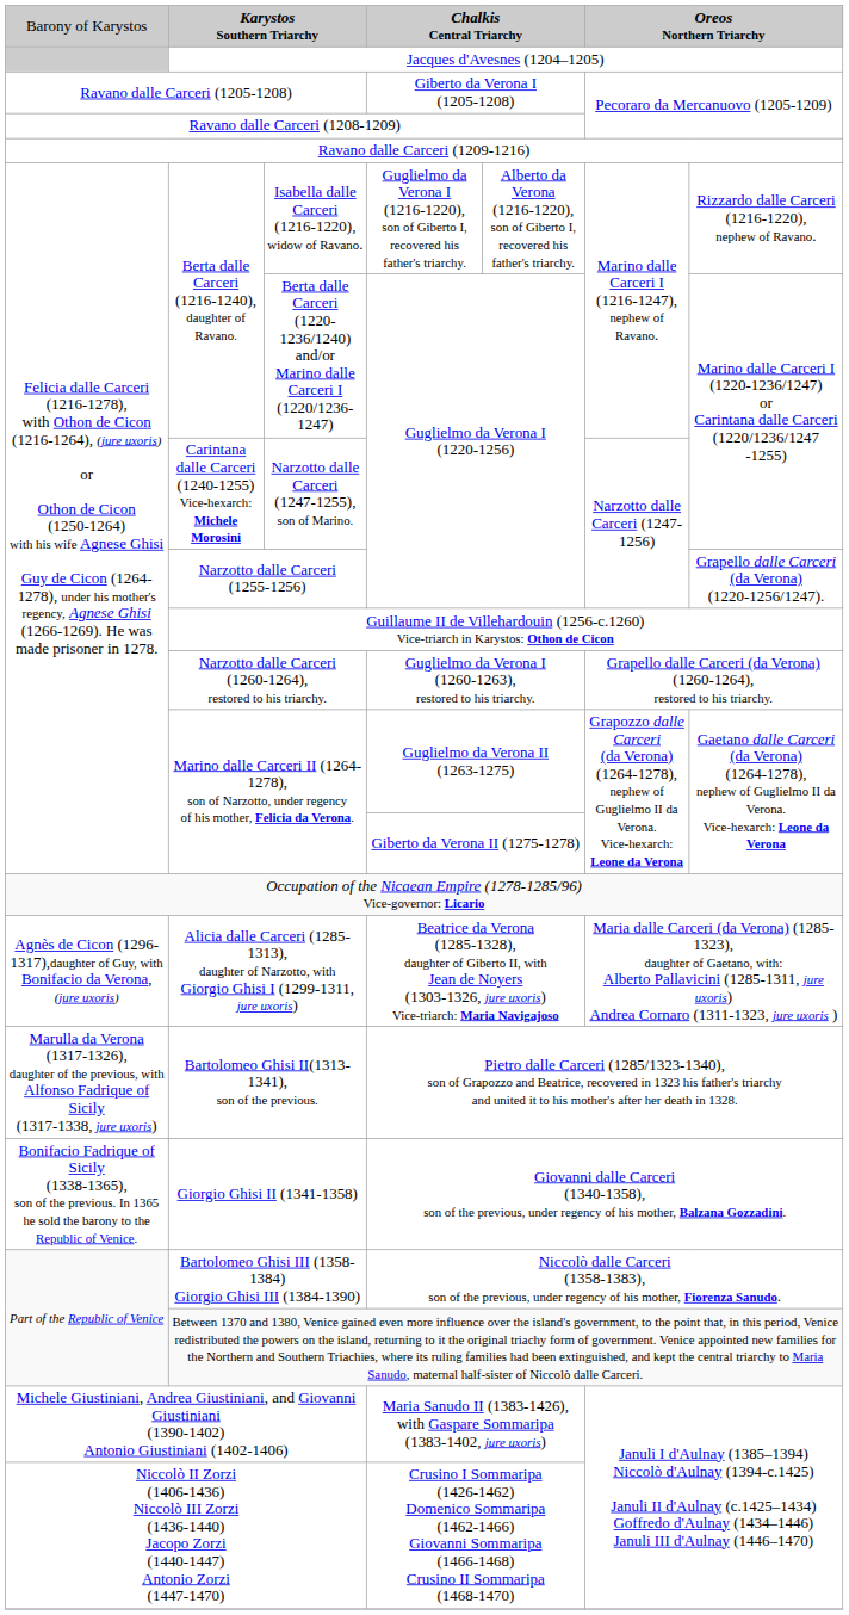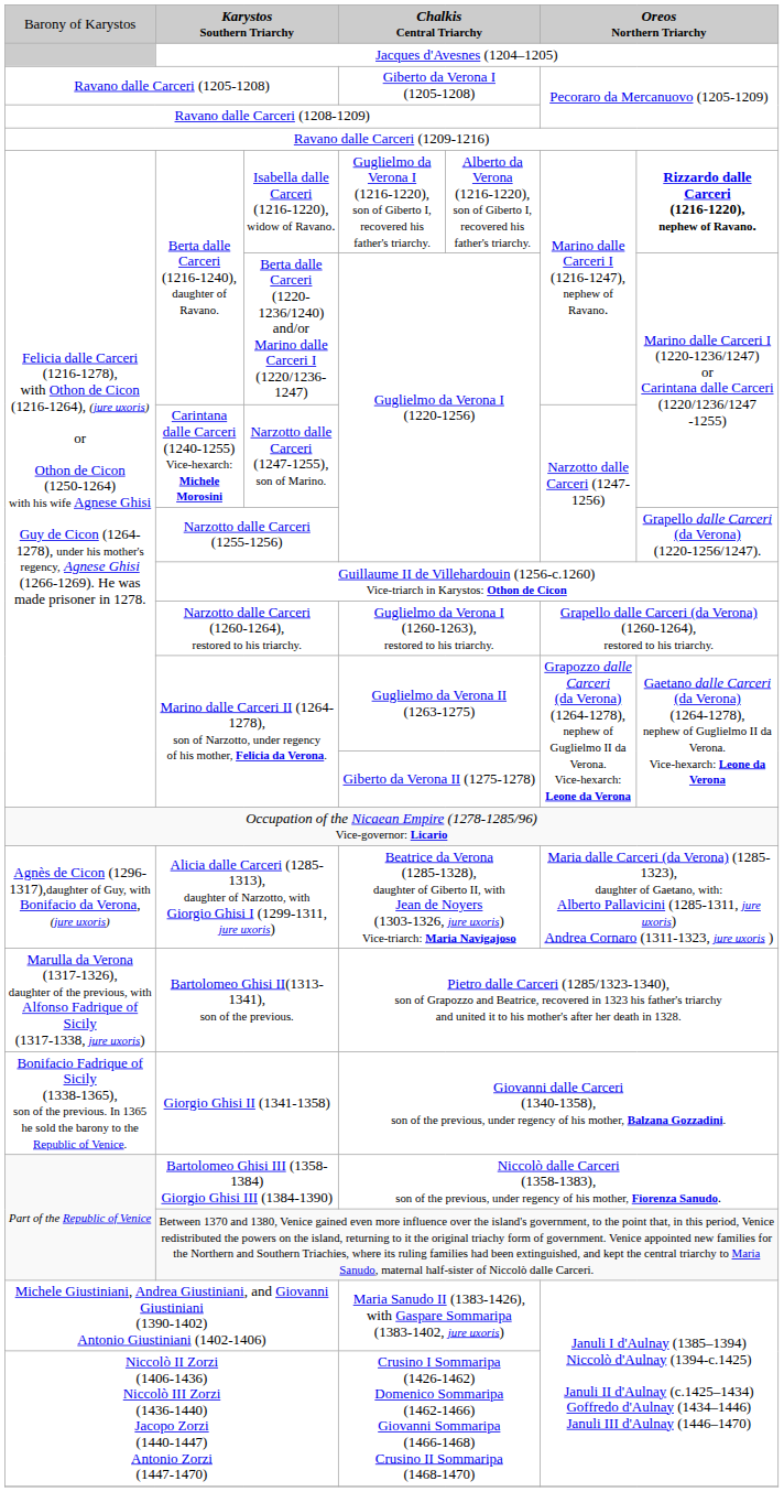 <table class="wikitable">
 <tr bgcolor="#cccccc">
 <td colspan="1" align="center">Barony of Karystos</td>
 <td colspan="2" align="center"><strong> <em>Karystos</em> </strong><br><small><strong>Southern Triarchy</strong></small></td>
 <td colspan="2" align="center"><strong> <em>Chalkis</em> </strong><br><small><strong>Central Triarchy</strong></small></td>
 <td colspan="2" align="center"><strong> <em>Oreos</em> </strong><br><small><strong>Northern Triarchy</strong></small></td>
 </tr>
 <tr bgcolor="#fff">
 <td colspan="1" bgcolor="#cccccc"></td>
 <td colspan="6" align="center"><a href='#'>Jacques d'Avesnes</a> (1204–1205)</td>
 </tr>
 <tr bgcolor="#fff">
 <td colspan="3" align="center"><a href='#'>Ravano dalle Carceri</a> (1205-1208)</td>
 <td colspan="2" align="center"><a href='#'>Giberto da Verona I</a><br>(1205-1208)</td>
 <td colspan="2" rowspan="2" align="center"><a href='#'>Pecoraro da Mercanuovo</a> (1205-1209)</td>
 </tr>
 <tr bgcolor="#fff">
 <td colspan="5" align="center"><a href='#'>Ravano dalle Carceri</a> (1208-1209)</td>
 </tr>
 <tr bgcolor="#fff">
 <td colspan="8" align="center"><a href='#'>Ravano dalle Carceri</a> (1209-1216)</td>
 </tr>
 <tr bgcolor="#fff">
 <td colspan="1" rowspan="8" align="center"><a href='#'>Felicia dalle Carceri</a><br>(1216-1278),<br>with <a href='#'>Othon de Cicon</a><br>(1216-1264), <small><em>(<a href='#'>jure uxoris</a>)</em></small><br><br>or<br><br><a href='#'>Othon de Cicon</a><br>(1250-1264)<br><small>with his wife</small> <a href='#'>Agnese Ghisi</a><br><br><a href='#'>Guy de Cicon</a> (1264-1278), <small>under his mother's regency,</small> <em><a href='#'>Agnese Ghisi</a></em> (1266-1269). He was made prisoner in 1278.</td>
 <td colspan="1" rowspan="2" align="center"><a href='#'>Berta dalle Carceri</a><br>(1216-1240),<br><small>daughter of Ravano.</small></td>
 <td colspan="1" align="center"><a href='#'>Isabella dalle Carceri</a><br>(1216-1220),<br><small>widow of Ravano</small>.</td>
 <td colspan="1" align="center"><a href='#'>Guglielmo da Verona I</a><br>(1216-1220),<br><small>son of Giberto I, recovered his father's triarchy.</small></td>
 <td colspan="1" align="center"><a href='#'>Alberto da Verona</a><br>(1216-1220),<br><small>son of Giberto I, recovered his father's triarchy.</small></td>
 <td colspan="1" rowspan="2" align="center"><a href='#'>Marino dalle Carceri I</a><br>(1216-1247),<br><small>nephew of Ravano</small>.</td>
-<td colspan="1" align="center"><a href='#'>Rizzardo dalle Carceri</a><br>(1216-1220),<br><small>nephew of Ravano</small>.</td>
+<td colspan="1" align="center"><strong><a href='#'>Rizzardo dalle Carceri</a><br>(1216-1220),<br><small>nephew of Ravano</small>.</strong></td>
 </tr>
 <tr bgcolor="#fff">
 <td colspan="1" align="center"><a href='#'>Berta dalle Carceri</a><br>(1220-1236/1240)<br>and/or<br><a href='#'>Marino dalle Carceri I</a><br>(1220/1236-1247)</td>
 <td colspan="2" rowspan="3" align="center"><a href='#'>Guglielmo da Verona I</a><br>(1220-1256)</td>
 <td colspan="1" rowspan="2" align="center"><a href='#'>Marino dalle Carceri I</a><br>(1220-1236/1247)<br>or<br><a href='#'>Carintana dalle Carceri</a> (1220/1236/1247<br>-1255)</td>
 </tr>
 <tr bgcolor="#fff">
 <td colspan="1" align="center"><a href='#'>Carintana dalle Carceri</a><br>(1240-1255)<br><small>Vice-hexarch: <strong><a href='#'>Michele Morosini</a></strong></small></td>
 <td colspan="1" align="center"><a href='#'>Narzotto dalle Carceri</a><br>(1247-1255),<br><small>son of Marino.</small></td>
 <td colspan="1" rowspan="2" align="center"><a href='#'>Narzotto dalle Carceri</a> (1247-1256)</td>
 </tr>
 <tr bgcolor="#fff">
 <td colspan="2" align="center"><a href='#'>Narzotto dalle Carceri</a><br>(1255-1256)</td>
 <td colspan="1" align="center"><a href='#'>Grapello <em>dalle Carceri</em> (da Verona)</a><br>(1220-1256/1247).</td>
 </tr>
 <tr bgcolor="#fff">
 <td colspan="6" align="center"><a href='#'>Guillaume II de Villehardouin</a> (1256-c.1260)<br><small>Vice-triarch in Karystos: <strong><a href='#'>Othon de Cicon</a></strong></small></td>
 </tr>
 <tr bgcolor="#fff">
 <td colspan="2" align="center"><a href='#'>Narzotto dalle Carceri</a><br>(1260-1264),<br><small>restored to his triarchy.</small></td>
 <td colspan="2" align="center"><a href='#'>Guglielmo da Verona I</a><br>(1260-1263),<br><small>restored to his triarchy.</small></td>
 <td colspan="2" align="center"><a href='#'>Grapello dalle Carceri (da Verona)</a><br>(1260-1264), <br><small>restored to his triarchy.</small></td>
 </tr>
 <tr bgcolor="#fff">
 <td colspan="2" rowspan="2" align="center"><a href='#'>Marino dalle Carceri II</a> (1264-1278),<br><small>son of Narzotto, under regency<br> of his mother, <strong><a href='#'>Felicia da Verona</a></strong>.</small></td>
 <td colspan="2" align="center"><a href='#'>Guglielmo da Verona II</a><br>(1263-1275)</td>
 <td colspan="1" rowspan="2" align="center"><a href='#'>Grapozzo <em>dalle Carceri</em><br>(da Verona)</a><br>(1264-1278),<br><small>nephew of Guglielmo II da Verona.<br>Vice-hexarch: <strong><a href='#'>Leone da Verona</a></strong></small></td>
 <td colspan="1" rowspan="2" align="center"><a href='#'>Gaetano <em>dalle Carceri</em><br>(da Verona)</a><br>(1264-1278),<br><small>nephew of Guglielmo II da Verona.<br>Vice-hexarch: <strong><a href='#'>Leone da Verona</a></strong></small></td>
 </tr>
 <tr bgcolor="#fff">
 <td colspan="2" align="center"><a href='#'>Giberto da Verona II</a> (1275-1278)</td>
 </tr>
 <tr>
 <td colspan="8" align="center"><em>Occupation of the <a href='#'>Nicaean Empire</a> (1278-1285/96)</em><br><small>Vice-governor: <strong><a href='#'>Licario</a></strong></small></td>
 </tr>
 <tr bgcolor="#fff">
 <td colspan="1" align="center"><a href='#'>Agnès de Cicon</a> (1296-1317),<small>daughter of Guy, with</small> <a href='#'>Bonifacio da Verona</a>, <small><em>(<a href='#'>jure uxoris</a>)</em></small></td>
 <td colspan="2" align="center"><a href='#'>Alicia dalle Carceri</a> (1285-1313),<br><small>daughter of Narzotto, with</small><br><a href='#'>Giorgio Ghisi I</a> (1299-1311, <small><em><a href='#'>jure uxoris</a></em></small>)</td>
 <td colspan="2" align="center"><a href='#'>Beatrice da Verona</a><br>(1285-1328),<br><small>daughter of Giberto II, with</small><br><a href='#'>Jean de Noyers</a><br>(1303-1326, <small><em><a href='#'>jure uxoris</a></em></small>) <br><small>Vice-triarch: <strong><a href='#'>Maria Navigajoso</a></strong></small></td>
 <td colspan="2" align="center"><a href='#'>Maria dalle Carceri (da Verona)</a> (1285-1323),<br><small>daughter of Gaetano, with:</small><br><a href='#'>Alberto Pallavicini</a> (1285-1311, <small><em><a href='#'>jure uxoris</a></em></small>)<br><a href='#'>Andrea Cornaro</a> (1311-1323, <small><em><a href='#'>jure uxoris</a></em></small> )</td>
 </tr>
 <tr bgcolor="#fff">
 <td colspan="1" align="center"><a href='#'>Marulla da Verona</a><br>(1317-1326),<br><small>daughter of the previous, with</small> <a href='#'>Alfonso Fadrique of Sicily</a><br>(1317-1338, <small><em><a href='#'>jure uxoris</a></em></small>)</td>
 <td colspan="2" align="center"><a href='#'>Bartolomeo Ghisi II</a>(1313-1341),<br><small>son of the previous.</small></td>
 <td colspan="4" align="center"><a href='#'>Pietro dalle Carceri</a> (1285/1323-1340),<br><small>son of Grapozzo and Beatrice, recovered in 1323 his father's triarchy<br>and united it to his mother's after her death in 1328.</small></td>
 </tr>
 <tr bgcolor="#fff">
 <td colspan="1" align="center"><a href='#'>Bonifacio Fadrique of Sicily</a><br>(1338-1365),<br><small>son of the previous. In 1365 he sold the barony to the <a href='#'>Republic of Venice</a>.</small></td>
 <td colspan="2" align="center"><a href='#'>Giorgio Ghisi II</a> (1341-1358)</td>
 <td colspan="4" align="center"><a href='#'>Giovanni dalle Carceri</a><br>(1340-1358),<br><small>son of the previous, under regency of his mother, <strong><a href='#'>Balzana Gozzadini</a></strong>.</small></td>
 </tr>
 <tr>
 <td colspan="1" rowspan="2" align="center"><small><em>Part of the <a href='#'>Republic of Venice</a></em></small></td>
 <td colspan="2" align="center" bgcolor="#fff"><a href='#'>Bartolomeo Ghisi III</a> (1358-1384)<br><a href='#'>Giorgio Ghisi III</a> (1384-1390)</td>
 <td colspan="4" align="center" bgcolor="#fff"><a href='#'>Niccolò dalle Carceri</a><br>(1358-1383),<br><small>son of the previous, under regency of his mother, <strong><a href='#'>Fiorenza Sanudo</a></strong></small>.</td>
 </tr>
 <tr>
 <td colspan="7" align="center"><small>Between 1370 and 1380, Venice gained even more influence over the island's government, to the point that, in this period, Venice redistributed the powers on the island, returning to it the original triachy form of government. Venice appointed new families for the Northern and Southern Triachies, where its ruling families had been extinguished, and kept the central triarchy to <a href='#'>Maria Sanudo</a>, maternal half-sister of Niccolò dalle Carceri.</small></td>
 </tr>
 <tr bgcolor="#fff">
 <td colspan="3" align="center"><a href='#'>Michele Giustiniani</a>, <a href='#'>Andrea Giustiniani</a>, and <a href='#'>Giovanni Giustiniani</a><br>(1390-1402)<br><a href='#'>Antonio Giustiniani</a> (1402-1406)</td>
 <td colspan="2" align="center"><a href='#'> Maria Sanudo II</a> (1383-1426), with <a href='#'>Gaspare Sommaripa</a><br>(1383-1402, <small><em><a href='#'>jure uxoris</a></em></small>)</td>
 <td colspan="2" rowspan="2" align="center"><a href='#'>Januli I d'Aulnay</a> (1385–1394)<br><a href='#'>Niccolò d'Aulnay</a> (1394-c.1425)<br><br><a href='#'>Januli II d'Aulnay</a> (c.1425–1434)<br><a href='#'>Goffredo d'Aulnay</a> (1434–1446)<br><a href='#'>Januli III d'Aulnay</a> (1446–1470)</td>
 </tr>
 <tr bgcolor="#fff">
 <td colspan="3" align="center"><a href='#'>Niccolò II Zorzi</a><br>(1406-1436)<br><a href='#'>Niccolò III Zorzi</a><br>(1436-1440)<br><a href='#'>Jacopo Zorzi</a><br>(1440-1447)<br><a href='#'>Antonio Zorzi</a><br>(1447-1470)</td>
 <td colspan="2" align="center"><a href='#'>Crusino I Sommaripa</a><br>(1426-1462)<br><a href='#'>Domenico Sommaripa</a><br>(1462-1466)<br><a href='#'>Giovanni Sommaripa</a><br>(1466-1468)<br><a href='#'>Crusino II Sommaripa</a><br>(1468-1470)</td>
 </tr>
 <tr>
 </tr>
 </table>
